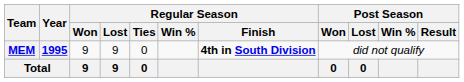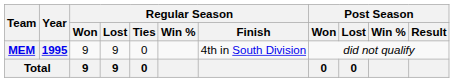 <table class="wikitable" style="font-size: 95%; text-align:center;">
 <tr>
 <th rowspan="2">Team</th>
 <th rowspan="2">Year</th>
 <th colspan="5">Regular Season</th>
 <th colspan="4">Post Season</th>
 </tr>
 <tr>
 <th>Won</th>
 <th>Lost</th>
 <th>Ties</th>
 <th>Win %</th>
 <th>Finish</th>
 <th>Won</th>
 <th>Lost</th>
 <th>Win %</th>
 <th>Result</th>
 </tr>
 <tr>
 <th><a href='#'>MEM</a></th>
 <th><a href='#'>1995</a></th>
 <td>9</td>
 <td>9</td>
 <td>0</td>
 <td></td>
-<td><strong>4th in <a href='#'>South Division</a></strong></td>
+<td>4th in <a href='#'>South Division</a></td>
 <td colspan="4"><em>did not qualify</em></td>
 </tr>
 <tr>
 <th colspan="2">Total</th>
 <th>9</th>
 <th>9</th>
 <th>0</th>
 <th></th>
 <th></th>
 <th>0</th>
 <th>0</th>
 <th></th>
 <th></th>
 </tr>
 </table>
